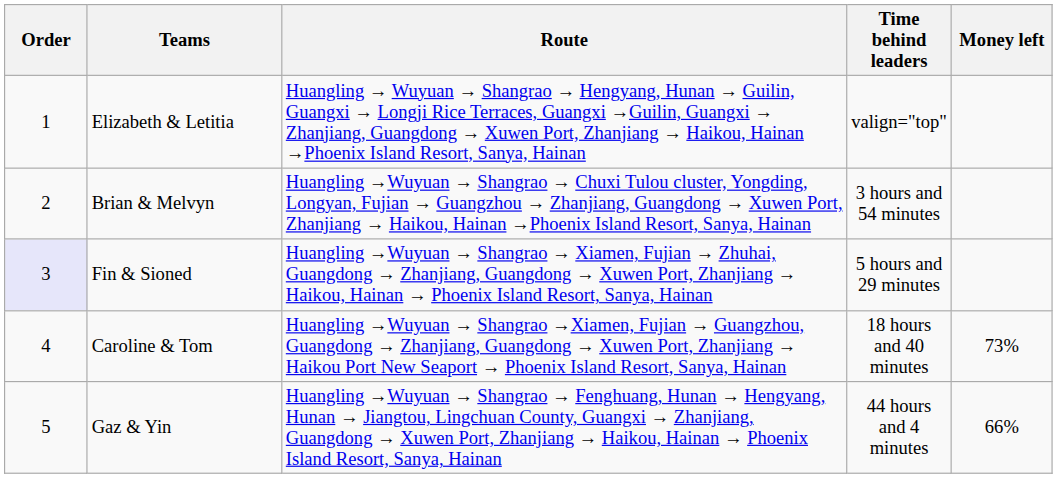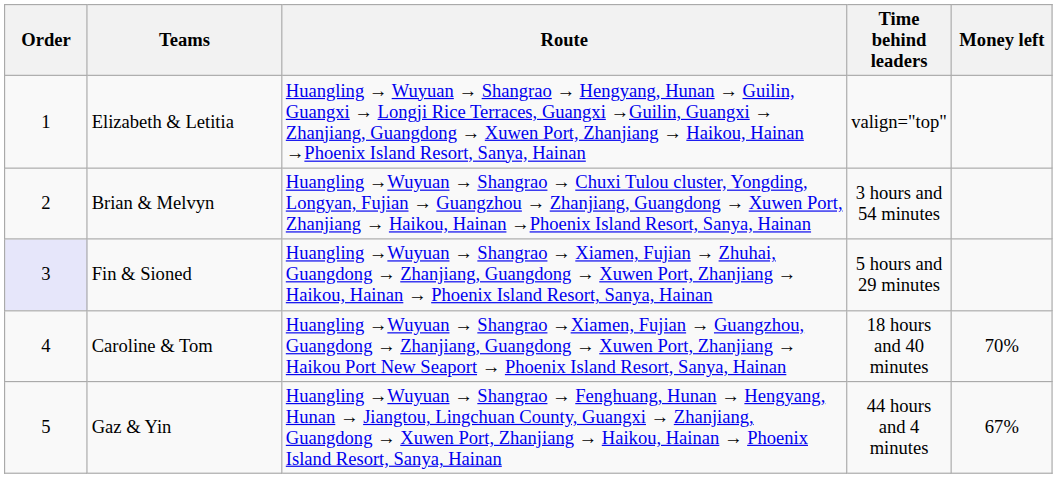 <table class="wikitable sortable" style="text-align:center">
 <tr>
 <th style="width:4em">Order</th>
 <th style="width:10em">Teams</th>
 <th style="width:30em">Route</th>
 <th style="width:5em">Time behind leaders</th>
 <th style="width:5em">Money left</th>
 </tr>
 <tr>
 <td>1</td>
 <td style="text-align:left">Elizabeth & Letitia</td>
 <td style="text-align:left"><a href='#'>Huangling</a> → <a href='#'>Wuyuan</a>  → <a href='#'>Shangrao</a> → <a href='#'>Hengyang, Hunan</a>  →  <a href='#'>Guilin, Guangxi</a> → <a href='#'>Longji Rice Terraces, Guangxi</a>  →<a href='#'>Guilin, Guangxi</a>  → <a href='#'>Zhanjiang, Guangdong</a>   → <a href='#'>Xuwen Port, Zhanjiang</a>  → <a href='#'>Haikou, Hainan</a> →<a href='#'>Phoenix Island Resort, Sanya, Hainan</a></td>
 <td>valign="top" </td>
 <td></td>
 </tr>
 <tr>
 <td>2</td>
 <td style="text-align:left">Brian & Melvyn</td>
 <td style="text-align:left"><a href='#'>Huangling</a> →<a href='#'>Wuyuan</a>  → <a href='#'>Shangrao</a>  → <a href='#'>Chuxi Tulou cluster, Yongding, Longyan, Fujian</a>   → <a href='#'>Guangzhou</a>  → <a href='#'>Zhanjiang, Guangdong</a>  → <a href='#'>Xuwen Port, Zhanjiang</a>  → <a href='#'>Haikou, Hainan</a> →<a href='#'>Phoenix Island Resort, Sanya, Hainan</a></td>
 <td>3 hours and 54 minutes</td>
 <td></td>
 </tr>
 <tr>
 <td style="background: lavender;">3</td>
 <td style="text-align:left">Fin & Sioned</td>
 <td style="text-align:left"><a href='#'>Huangling</a> →<a href='#'>Wuyuan</a>  → <a href='#'>Shangrao</a> → <a href='#'>Xiamen, Fujian</a>  → <a href='#'>Zhuhai, Guangdong</a>   → <a href='#'>Zhanjiang, Guangdong</a> → <a href='#'>Xuwen Port, Zhanjiang</a>  → <a href='#'>Haikou, Hainan</a> → <a href='#'>Phoenix Island Resort, Sanya, Hainan</a></td>
 <td>5 hours and 29 minutes</td>
 <td></td>
 </tr>
 <tr>
 <td>4</td>
 <td style="text-align:left">Caroline & Tom</td>
 <td style="text-align:left"><a href='#'>Huangling</a> →<a href='#'>Wuyuan</a>  → <a href='#'>Shangrao</a>  →<a href='#'>Xiamen, Fujian</a>  → <a href='#'>Guangzhou, Guangdong</a>  → <a href='#'>Zhanjiang, Guangdong</a> → <a href='#'>Xuwen Port, Zhanjiang</a>  → <a href='#'>Haikou Port New Seaport</a> → <a href='#'>Phoenix Island Resort, Sanya, Hainan</a></td>
 <td>18 hours and 40 minutes</td>
-<td>73%</td>
+<td>70%</td>
 </tr>
 <tr>
 <td>5</td>
 <td style="text-align:left">Gaz & Yin</td>
 <td style="text-align:left"><a href='#'>Huangling</a> →<a href='#'>Wuyuan</a>  → <a href='#'>Shangrao</a>  → <a href='#'>Fenghuang, Hunan</a>   → <a href='#'>Hengyang, Hunan</a>  → <a href='#'>Jiangtou, Lingchuan County, Guangxi</a>   → <a href='#'>Zhanjiang, Guangdong</a>  → <a href='#'>Xuwen Port, Zhanjiang</a>  → <a href='#'>Haikou, Hainan</a> → <a href='#'>Phoenix Island Resort, Sanya, Hainan</a></td>
 <td>44 hours and 4 minutes</td>
-<td>66%</td>
+<td>67%</td>
 </tr>
 </table>
